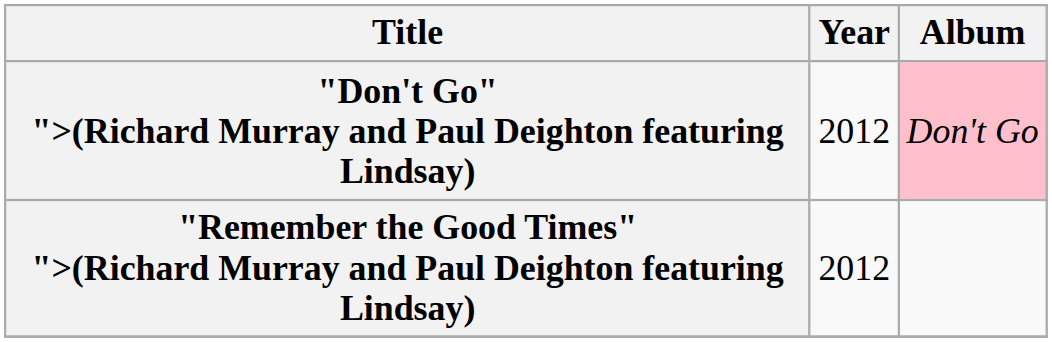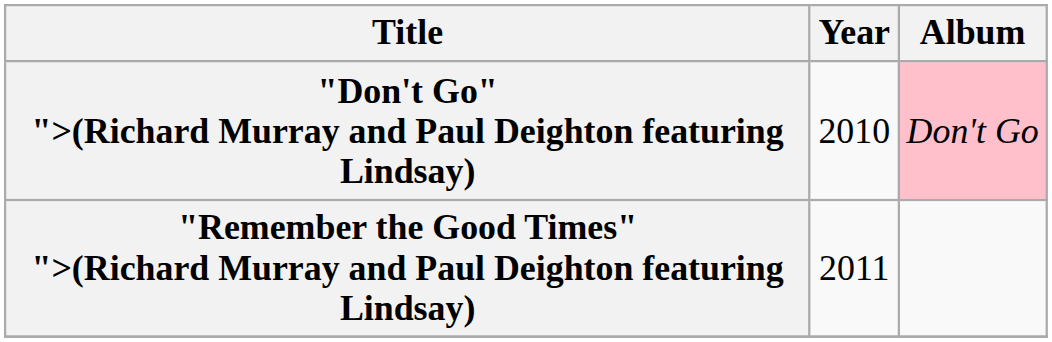 <table class="wikitable plainrowheaders" style="text-align:center;" border="1">
 <tr>
 <th scope="col" style="width:22em;">Title</th>
 <th scope="col">Year</th>
 <th scope="col">Album</th>
 </tr>
 <tr>
 <th scope="row">"Don't Go"<br><span>">(Richard Murray and Paul Deighton featuring Lindsay)</span></th>
-<td>2012</td>
+<td>2010</td>
 <td style="background: pink;"><em>Don't Go</em></td>
 </tr>
 <tr>
 <th scope="row">"Remember the Good Times"<br><span>">(Richard Murray and Paul Deighton featuring Lindsay)</span></th>
-<td>2012</td>
+<td>2011</td>
 <td></td>
 </tr>
 <tr>
 </tr>
 </table>
